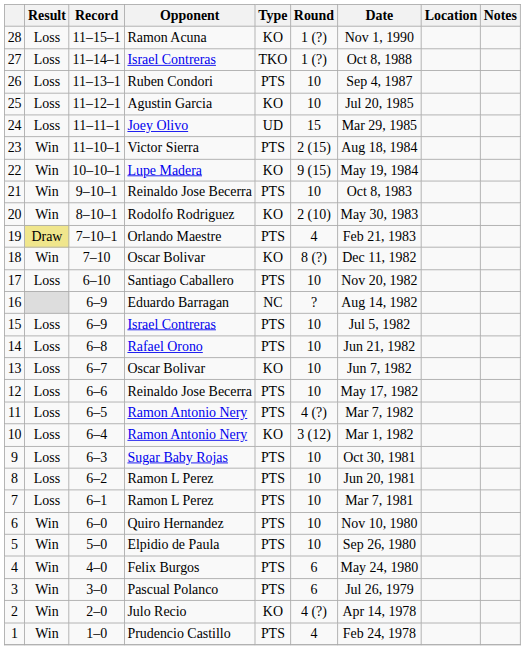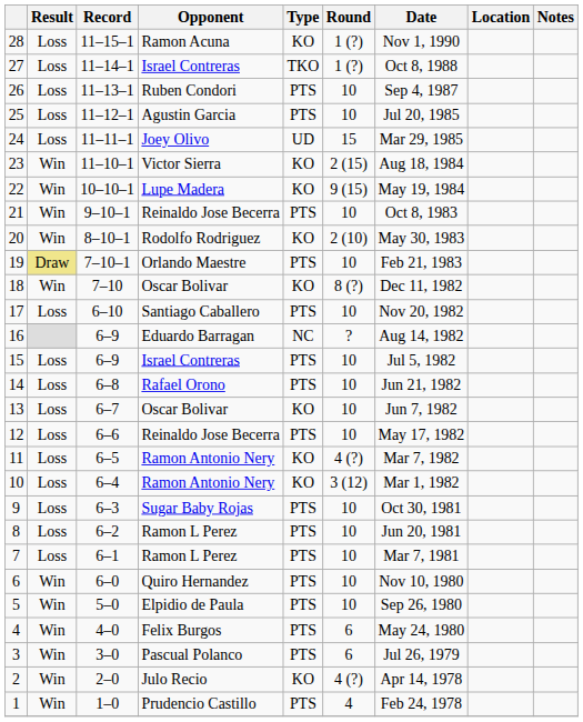 <table class="wikitable" style="text-align:center">
 <tr>
 <th></th>
 <th>Result</th>
 <th>Record</th>
 <th>Opponent</th>
 <th>Type</th>
 <th>Round</th>
 <th>Date</th>
 <th>Location</th>
 <th>Notes</th>
 </tr>
 <tr>
 <td>28</td>
 <td>Loss</td>
 <td>11–15–1 </td>
 <td align=left>Ramon Acuna</td>
 <td>KO</td>
 <td>1 (?)</td>
 <td>Nov 1, 1990</td>
 <td style="text-align:left;"></td>
 <td></td>
 </tr>
 <tr>
 <td>27</td>
 <td>Loss</td>
 <td>11–14–1 </td>
 <td align=left><a href='#'>Israel Contreras</a></td>
 <td>TKO</td>
 <td>1 (?)</td>
 <td>Oct 8, 1988</td>
 <td style="text-align:left;"></td>
 <td></td>
 </tr>
 <tr>
 <td>26</td>
 <td>Loss</td>
 <td>11–13–1 </td>
 <td align=left>Ruben Condori</td>
 <td>PTS</td>
 <td>10</td>
 <td>Sep 4, 1987</td>
 <td style="text-align:left;"></td>
 <td></td>
 </tr>
 <tr>
 <td>25</td>
 <td>Loss</td>
 <td>11–12–1 </td>
 <td align=left>Agustin Garcia</td>
-<td>KO</td>
+<td>PTS</td>
 <td>10</td>
 <td>Jul 20, 1985</td>
 <td style="text-align:left;"></td>
 <td></td>
 </tr>
 <tr>
 <td>24</td>
 <td>Loss</td>
 <td>11–11–1 </td>
 <td align=left><a href='#'>Joey Olivo</a></td>
 <td>UD</td>
 <td>15</td>
 <td>Mar 29, 1985</td>
 <td style="text-align:left;"></td>
 <td style="text-align:left;"></td>
 </tr>
 <tr>
 <td>23</td>
 <td>Win</td>
 <td>11–10–1 </td>
 <td align=left>Victor Sierra</td>
-<td>PTS</td>
+<td>KO</td>
 <td>2 (15)</td>
 <td>Aug 18, 1984</td>
 <td style="text-align:left;"></td>
 <td style="text-align:left;"></td>
 </tr>
 <tr>
 <td>22</td>
 <td>Win</td>
 <td>10–10–1 </td>
 <td align=left><a href='#'>Lupe Madera</a></td>
 <td>KO</td>
 <td>9 (15)</td>
 <td>May 19, 1984</td>
 <td style="text-align:left;"></td>
 <td style="text-align:left;"></td>
 </tr>
 <tr>
 <td>21</td>
 <td>Win</td>
 <td>9–10–1 </td>
 <td align=left>Reinaldo Jose Becerra</td>
 <td>PTS</td>
 <td>10</td>
 <td>Oct 8, 1983</td>
 <td style="text-align:left;"></td>
 <td></td>
 </tr>
 <tr>
 <td>20</td>
 <td>Win</td>
 <td>8–10–1 </td>
 <td align=left>Rodolfo Rodriguez</td>
 <td>KO</td>
 <td>2 (10)</td>
 <td>May 30, 1983</td>
 <td style="text-align:left;"></td>
 <td></td>
 </tr>
 <tr>
 <td>19</td>
 <td style="background: khaki;">Draw</td>
 <td>7–10–1 </td>
 <td align=left>Orlando Maestre</td>
 <td>PTS</td>
-<td>4</td>
+<td>10</td>
 <td>Feb 21, 1983</td>
 <td style="text-align:left;"></td>
 <td></td>
 </tr>
 <tr>
 <td>18</td>
 <td>Win</td>
 <td>7–10 </td>
 <td align=left>Oscar Bolivar</td>
 <td>KO</td>
 <td>8 (?)</td>
 <td>Dec 11, 1982</td>
 <td style="text-align:left;"></td>
 <td></td>
 </tr>
 <tr>
 <td>17</td>
 <td>Loss</td>
 <td>6–10 </td>
 <td align=left>Santiago Caballero</td>
 <td>PTS</td>
 <td>10</td>
 <td>Nov 20, 1982</td>
 <td style="text-align:left;"></td>
 <td></td>
 </tr>
 <tr>
 <td>16</td>
 <td style="background:#DDD"></td>
 <td>6–9 </td>
 <td align=left>Eduardo Barragan</td>
 <td>NC</td>
 <td>?</td>
 <td>Aug 14, 1982</td>
 <td style="text-align:left;"></td>
 <td style="text-align:left;"></td>
 </tr>
 <tr>
 <td>15</td>
 <td>Loss</td>
 <td>6–9</td>
 <td align=left><a href='#'>Israel Contreras</a></td>
 <td>PTS</td>
 <td>10</td>
 <td>Jul 5, 1982</td>
 <td style="text-align:left;"></td>
 <td></td>
 </tr>
 <tr>
 <td>14</td>
 <td>Loss</td>
 <td>6–8</td>
 <td align=left><a href='#'>Rafael Orono</a></td>
 <td>PTS</td>
 <td>10</td>
 <td>Jun 21, 1982</td>
 <td style="text-align:left;"></td>
 <td></td>
 </tr>
 <tr>
 <td>13</td>
 <td>Loss</td>
 <td>6–7</td>
 <td align=left>Oscar Bolivar</td>
 <td>KO</td>
 <td>10</td>
 <td>Jun 7, 1982</td>
 <td style="text-align:left;"></td>
 <td></td>
 </tr>
 <tr>
 <td>12</td>
 <td>Loss</td>
 <td>6–6</td>
 <td align=left>Reinaldo Jose Becerra</td>
 <td>PTS</td>
 <td>10</td>
 <td>May 17, 1982</td>
 <td style="text-align:left;"></td>
 <td></td>
 </tr>
 <tr>
 <td>11</td>
 <td>Loss</td>
 <td>6–5</td>
 <td align=left><a href='#'>Ramon Antonio Nery</a></td>
-<td>PTS</td>
+<td>KO</td>
 <td>4 (?)</td>
 <td>Mar 7, 1982</td>
 <td style="text-align:left;"></td>
 <td></td>
 </tr>
 <tr>
 <td>10</td>
 <td>Loss</td>
 <td>6–4</td>
 <td align=left><a href='#'>Ramon Antonio Nery</a></td>
 <td>KO</td>
 <td>3 (12)</td>
 <td>Mar 1, 1982</td>
 <td style="text-align:left;"></td>
 <td style="text-align:left;"></td>
 </tr>
 <tr>
 <td>9</td>
 <td>Loss</td>
 <td>6–3</td>
 <td align=left><a href='#'>Sugar Baby Rojas</a></td>
 <td>PTS</td>
 <td>10</td>
 <td>Oct 30, 1981</td>
 <td style="text-align:left;"></td>
 <td></td>
 </tr>
 <tr>
 <td>8</td>
 <td>Loss</td>
 <td>6–2</td>
 <td align=left>Ramon L Perez</td>
 <td>PTS</td>
 <td>10</td>
 <td>Jun 20, 1981</td>
 <td style="text-align:left;"></td>
 <td></td>
 </tr>
 <tr>
 <td>7</td>
 <td>Loss</td>
 <td>6–1</td>
 <td align=left>Ramon L Perez</td>
 <td>PTS</td>
 <td>10</td>
 <td>Mar 7, 1981</td>
 <td style="text-align:left;"></td>
 <td></td>
 </tr>
 <tr>
 <td>6</td>
 <td>Win</td>
 <td>6–0</td>
 <td align=left>Quiro Hernandez</td>
 <td>PTS</td>
 <td>10</td>
 <td>Nov 10, 1980</td>
 <td style="text-align:left;"></td>
 <td></td>
 </tr>
 <tr>
 <td>5</td>
 <td>Win</td>
 <td>5–0</td>
 <td align=left>Elpidio de Paula</td>
 <td>PTS</td>
 <td>10</td>
 <td>Sep 26, 1980</td>
 <td style="text-align:left;"></td>
 <td></td>
 </tr>
 <tr>
 <td>4</td>
 <td>Win</td>
 <td>4–0</td>
 <td align=left>Felix Burgos</td>
 <td>PTS</td>
 <td>6</td>
 <td>May 24, 1980</td>
 <td style="text-align:left;"></td>
 <td></td>
 </tr>
 <tr>
 <td>3</td>
 <td>Win</td>
 <td>3–0</td>
 <td align=left>Pascual Polanco</td>
 <td>PTS</td>
 <td>6</td>
 <td>Jul 26, 1979</td>
 <td style="text-align:left;"></td>
 <td></td>
 </tr>
 <tr>
 <td>2</td>
 <td>Win</td>
 <td>2–0</td>
 <td align=left>Julo Recio</td>
 <td>KO</td>
 <td>4 (?)</td>
 <td>Apr 14, 1978</td>
 <td style="text-align:left;"></td>
 <td></td>
 </tr>
 <tr>
 <td>1</td>
 <td>Win</td>
 <td>1–0</td>
 <td align=left>Prudencio Castillo</td>
 <td>PTS</td>
 <td>4</td>
 <td>Feb 24, 1978</td>
 <td style="text-align:left;"></td>
 <td></td>
 </tr>
 <tr>
 </tr>
 </table>
